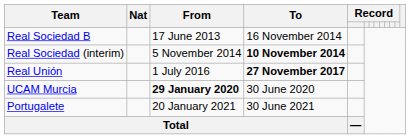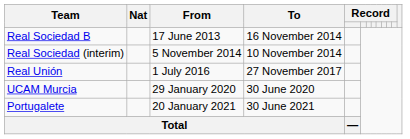 <table class="wikitable" style="text-align: center">
 <tr>
 <th rowspan="2">Team</th>
 <th rowspan="2">Nat</th>
 <th rowspan="2">From</th>
 <th rowspan="2">To</th>
 <th colspan="8">Record</th>
 <th rowspan=2></th>
 </tr>
 <tr>
 <th></th>
 <th></th>
 <th></th>
 <th></th>
 <th></th>
 <th></th>
 <th></th>
 <th></th>
 </tr>
 <tr>
 <td align=left><a href='#'>Real Sociedad B</a></td>
 <td></td>
 <td align=left>17 June 2013</td>
 <td align=left>16 November 2014<br></td>
 <td></td>
 </tr>
 <tr>
 <td align=left><a href='#'>Real Sociedad</a> (interim)</td>
 <td></td>
 <td align=left>5 November 2014</td>
-<td align=left><strong>10 November 2014<br></strong></td>
+<td align=left>10 November 2014<br></td>
 <td></td>
 </tr>
 <tr>
 <td align=left><a href='#'>Real Unión</a></td>
 <td></td>
 <td align=left>1 July 2016</td>
-<td align=left><strong>27 November 2017<br></strong></td>
+<td align=left>27 November 2017<br></td>
 <td></td>
 </tr>
 <tr>
 <td align=left><a href='#'>UCAM Murcia</a></td>
 <td></td>
-<td align=left><strong>29 January 2020</strong></td>
+<td align=left>29 January 2020</td>
 <td align=left>30 June 2020<br></td>
 <td></td>
 </tr>
 <tr>
 <td align=left><a href='#'>Portugalete</a></td>
 <td></td>
 <td align=left>20 January 2021</td>
 <td align=left>30 June 2021<br></td>
 <td></td>
 </tr>
 <tr>
 <th colspan="4">Total<br></th>
 <th>—</th>
 </tr>
 </table>
